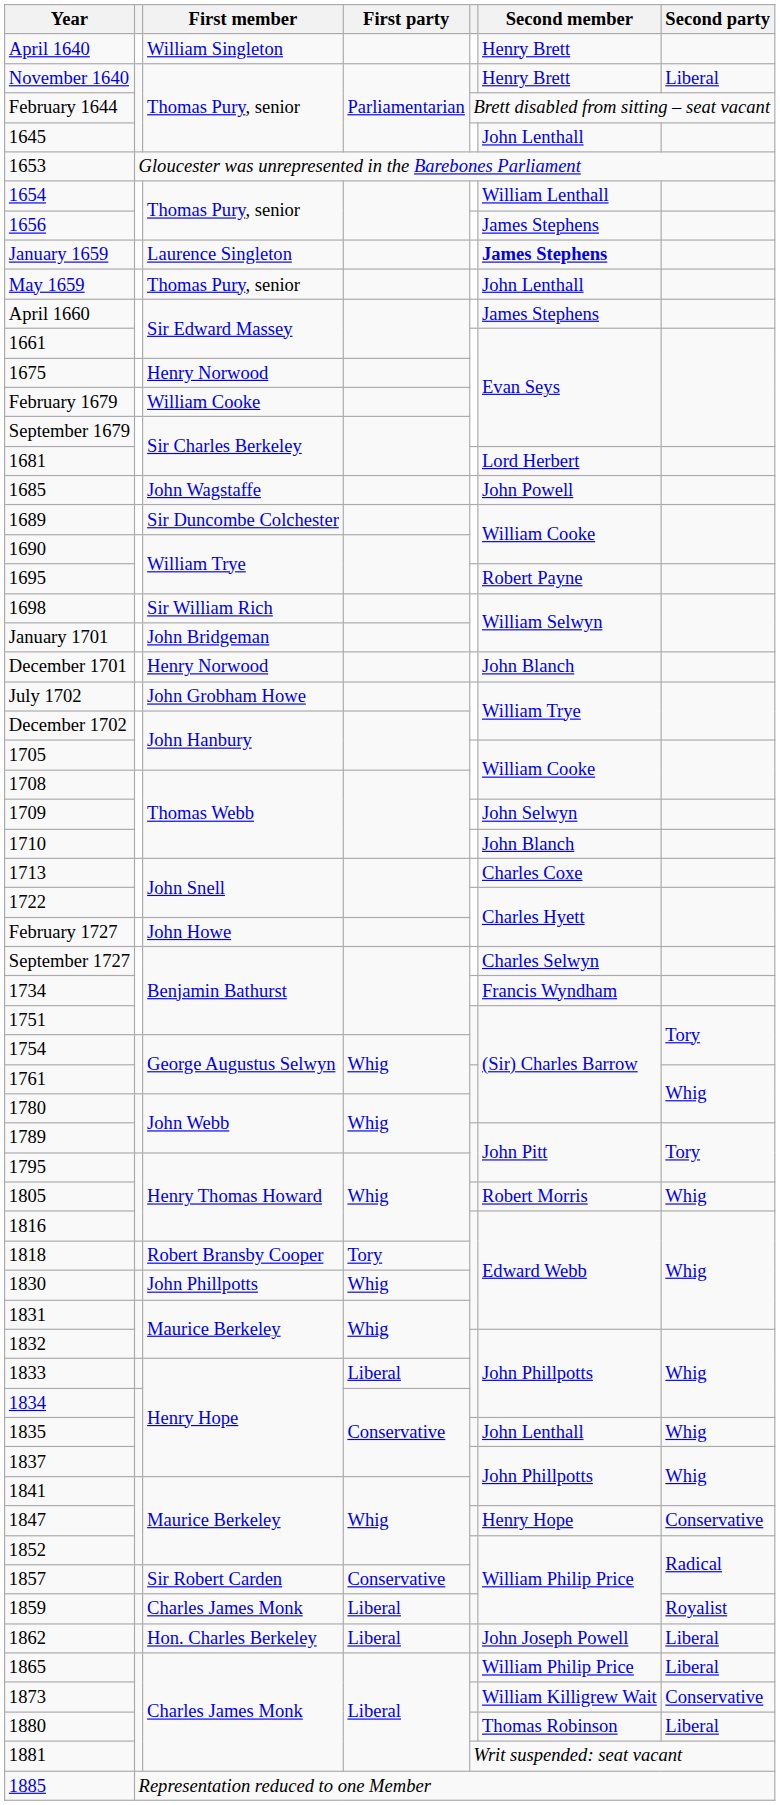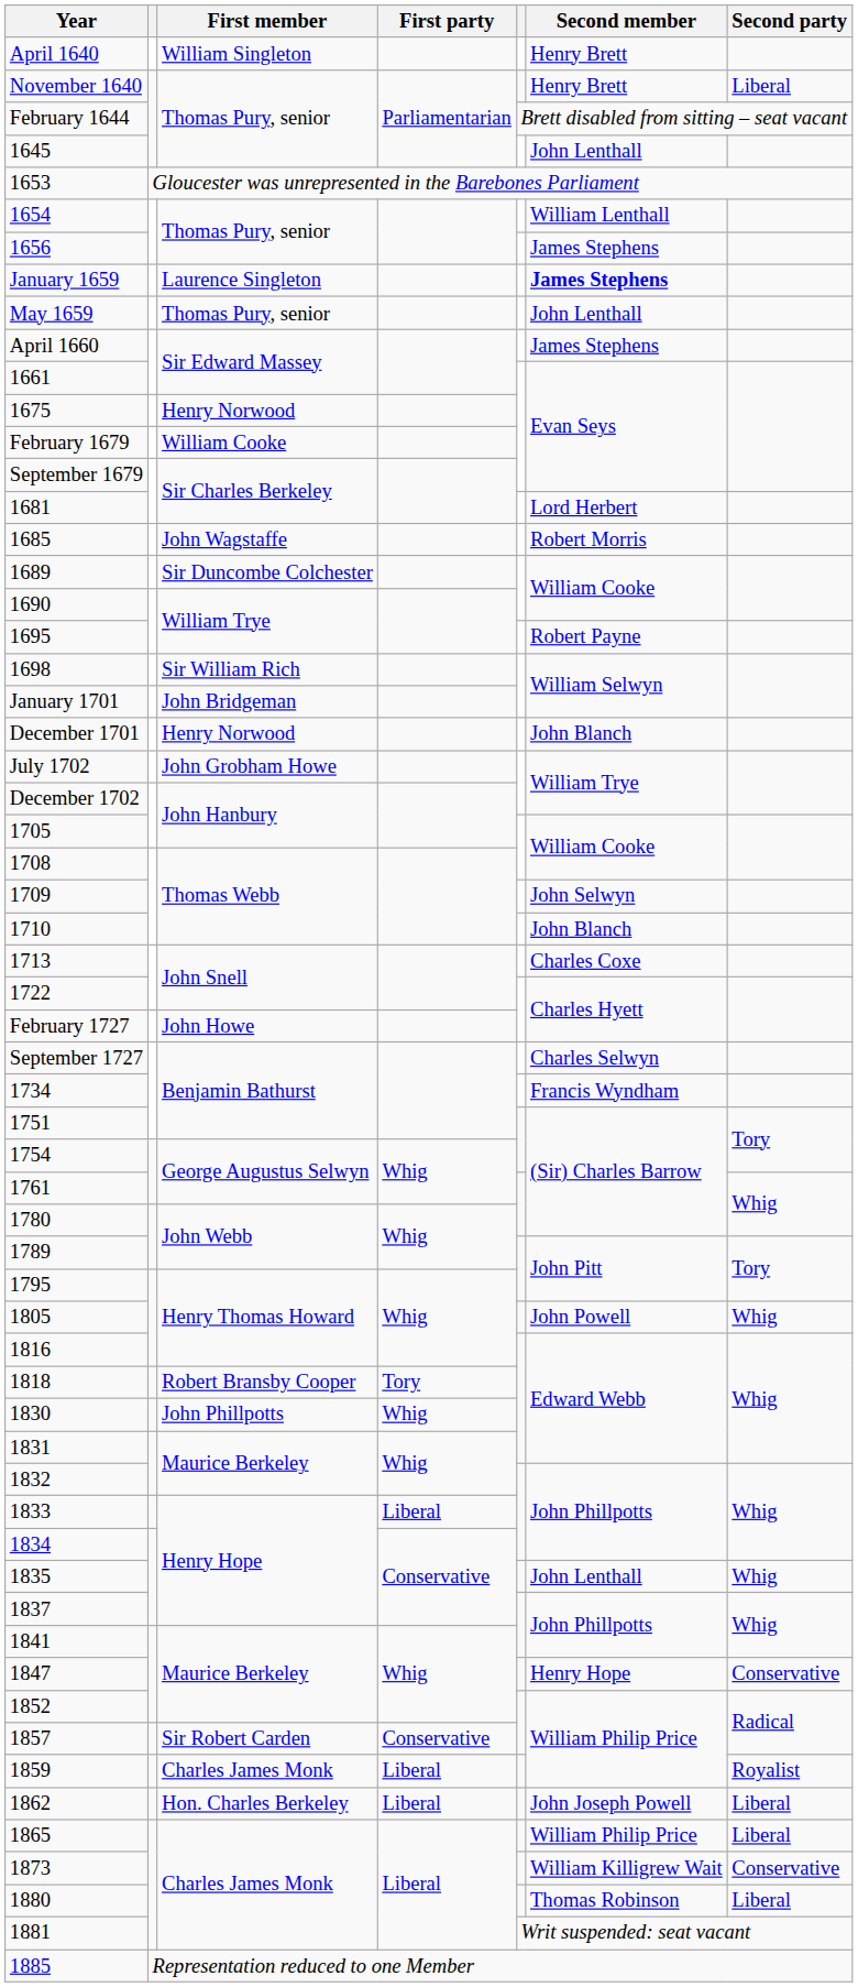 <table class="wikitable">
 <tr>
 <th>Year</th>
 <th></th>
 <th>First member</th>
 <th>First party</th>
 <th></th>
 <th>Second member</th>
 <th>Second party</th>
 </tr>
 <tr>
 <td><a href='#'>April 1640</a></td>
 <td style="color:inherit;background-color: white"></td>
 <td><a href='#'>William Singleton</a></td>
 <td></td>
 <td style="color:inherit;background-color: white"></td>
 <td><a href='#'>Henry Brett</a></td>
 <td></td>
 </tr>
 <tr>
 <td><a href='#'>November 1640</a></td>
 <td rowspan="3" style="color:inherit;background-color: "></td>
 <td rowspan="3"><a href='#'>Thomas Pury</a>, senior</td>
 <td rowspan="3"><a href='#'>Parliamentarian</a></td>
 <td style="color:inherit;background-color: "></td>
 <td><a href='#'>Henry Brett</a></td>
 <td><a href='#'>Liberal</a></td>
 </tr>
 <tr>
 <td>February 1644</td>
 <td colspan="3"><em>Brett disabled from sitting – seat vacant</em></td>
 </tr>
 <tr>
 <td>1645</td>
 <td style="color:inherit;background-color: white"></td>
 <td><a href='#'>John Lenthall</a></td>
 <td></td>
 </tr>
 <tr>
 <td>1653</td>
 <td colspan="6"><em>Gloucester was unrepresented in the <a href='#'>Barebones Parliament</a></em></td>
 </tr>
 <tr>
 <td><a href='#'>1654</a></td>
 <td rowspan="2" style="color:inherit;background-color: white"></td>
 <td rowspan="2"><a href='#'>Thomas Pury</a>, senior</td>
 <td rowspan="2"></td>
 <td style="color:inherit;background-color: white"></td>
 <td><a href='#'>William Lenthall</a></td>
 <td></td>
 </tr>
 <tr>
 <td><a href='#'>1656</a></td>
 <td style="color:inherit;background-color: white"></td>
 <td><a href='#'>James Stephens</a></td>
 <td></td>
 </tr>
 <tr>
 <td><a href='#'>January 1659</a></td>
 <td style="color:inherit;background-color: white"></td>
 <td><a href='#'>Laurence Singleton</a></td>
 <td></td>
 <td style="color:inherit;background-color: white"></td>
 <td><strong><a href='#'>James Stephens</a></strong></td>
 <td></td>
 </tr>
 <tr>
 <td><a href='#'>May 1659</a></td>
 <td style="color:inherit;background-color: white"></td>
 <td><a href='#'>Thomas Pury</a>, senior</td>
 <td></td>
 <td style="color:inherit;background-color: white"></td>
 <td><a href='#'>John Lenthall</a></td>
 <td></td>
 </tr>
 <tr>
 <td>April 1660</td>
 <td rowspan="2" style="color:inherit;background-color: white"></td>
 <td rowspan="2"><a href='#'>Sir Edward Massey</a></td>
 <td rowspan="2"></td>
 <td style="color:inherit;background-color: white"></td>
 <td><a href='#'>James Stephens</a></td>
 <td></td>
 </tr>
 <tr>
 <td>1661</td>
 <td rowspan="4" style="color:inherit;background-color: white"></td>
 <td rowspan="4"><a href='#'>Evan Seys</a></td>
 <td rowspan="4"></td>
 </tr>
 <tr>
 <td>1675</td>
 <td style="color:inherit;background-color: white"></td>
 <td><a href='#'>Henry Norwood</a></td>
 <td></td>
 </tr>
 <tr>
 <td>February 1679</td>
 <td style="color:inherit;background-color: white"></td>
 <td><a href='#'>William Cooke</a></td>
 <td></td>
 </tr>
 <tr>
 <td>September 1679</td>
 <td rowspan="2" style="color:inherit;background-color: white"></td>
 <td rowspan="2"><a href='#'>Sir Charles Berkeley</a></td>
 <td rowspan="2"></td>
 </tr>
 <tr>
 <td>1681</td>
 <td style="color:inherit;background-color: white"></td>
 <td><a href='#'>Lord Herbert</a></td>
 <td></td>
 </tr>
 <tr>
 <td>1685</td>
 <td style="color:inherit;background-color: white"></td>
 <td><a href='#'>John Wagstaffe</a></td>
 <td></td>
 <td style="color:inherit;background-color: white"></td>
-<td><a href='#'>John Powell</a></td>
+<td><a href='#'>Robert Morris</a></td>
 <td></td>
 </tr>
 <tr>
 <td>1689</td>
 <td style="color:inherit;background-color: white"></td>
 <td><a href='#'>Sir Duncombe Colchester</a></td>
 <td></td>
 <td rowspan="2" style="color:inherit;background-color: white"></td>
 <td rowspan="2"><a href='#'>William Cooke</a></td>
 <td rowspan="2"></td>
 </tr>
 <tr>
 <td>1690</td>
 <td rowspan="2" style="color:inherit;background-color: white"></td>
 <td rowspan="2"><a href='#'>William Trye</a></td>
 <td rowspan="2"></td>
 </tr>
 <tr>
 <td>1695</td>
 <td style="color:inherit;background-color: white"></td>
 <td><a href='#'>Robert Payne</a></td>
 <td></td>
 </tr>
 <tr>
 <td>1698</td>
 <td style="color:inherit;background-color: white"></td>
 <td><a href='#'>Sir William Rich</a></td>
 <td></td>
 <td rowspan="2" style="color:inherit;background-color: white"></td>
 <td rowspan="2"><a href='#'>William Selwyn</a></td>
 <td rowspan="2"></td>
 </tr>
 <tr>
 <td>January 1701</td>
 <td style="color:inherit;background-color: white"></td>
 <td><a href='#'>John Bridgeman</a></td>
 <td></td>
 </tr>
 <tr>
 <td>December 1701</td>
 <td style="color:inherit;background-color: white"></td>
 <td><a href='#'>Henry Norwood</a></td>
 <td></td>
 <td style="color:inherit;background-color: white"></td>
 <td><a href='#'>John Blanch</a></td>
 <td></td>
 </tr>
 <tr>
 <td>July 1702</td>
 <td style="color:inherit;background-color: white"></td>
 <td><a href='#'>John Grobham Howe</a></td>
 <td></td>
 <td rowspan="2" style="color:inherit;background-color: white"></td>
 <td rowspan="2"><a href='#'>William Trye</a></td>
 <td rowspan="2"></td>
 </tr>
 <tr>
 <td>December 1702</td>
 <td rowspan="2" style="color:inherit;background-color: white"></td>
 <td rowspan="2"><a href='#'>John Hanbury</a></td>
 <td rowspan="2"></td>
 </tr>
 <tr>
 <td>1705</td>
 <td rowspan="2" style="color:inherit;background-color: white"></td>
 <td rowspan="2"><a href='#'>William Cooke</a></td>
 <td rowspan="2"></td>
 </tr>
 <tr>
 <td>1708</td>
 <td rowspan="3" style="color:inherit;background-color: white"></td>
 <td rowspan="3"><a href='#'>Thomas Webb</a></td>
 <td rowspan="3"></td>
 </tr>
 <tr>
 <td>1709</td>
 <td style="color:inherit;background-color: white"></td>
 <td><a href='#'>John Selwyn</a></td>
 <td></td>
 </tr>
 <tr>
 <td>1710</td>
 <td style="color:inherit;background-color: white"></td>
 <td><a href='#'>John Blanch</a></td>
 <td></td>
 </tr>
 <tr>
 <td>1713</td>
 <td rowspan="2" style="color:inherit;background-color: white"></td>
 <td rowspan="2"><a href='#'>John Snell</a></td>
 <td rowspan="2"></td>
 <td style="color:inherit;background-color: white"></td>
 <td><a href='#'>Charles Coxe</a></td>
 <td></td>
 </tr>
 <tr>
 <td>1722</td>
 <td rowspan="2" style="color:inherit;background-color: white"></td>
 <td rowspan="2"><a href='#'>Charles Hyett</a></td>
 <td rowspan="2"></td>
 </tr>
 <tr>
 <td>February 1727</td>
 <td style="color:inherit;background-color: white"></td>
 <td><a href='#'>John Howe</a></td>
 <td></td>
 </tr>
 <tr>
 <td>September 1727</td>
 <td rowspan="3" style="color:inherit;background-color: white"></td>
 <td rowspan="3"><a href='#'>Benjamin Bathurst</a></td>
 <td rowspan="3"></td>
 <td style="color:inherit;background-color: white"></td>
 <td><a href='#'>Charles Selwyn</a></td>
 <td></td>
 </tr>
 <tr>
 <td>1734</td>
 <td style="color:inherit;background-color: white"></td>
 <td><a href='#'>Francis Wyndham</a></td>
 <td></td>
 </tr>
 <tr>
 <td>1751</td>
 <td rowspan="2" style="color:inherit;background-color: "></td>
 <td rowspan="4"><a href='#'>(Sir) Charles Barrow</a></td>
 <td rowspan="2"><a href='#'>Tory</a></td>
 </tr>
 <tr>
 <td>1754</td>
 <td rowspan="2" style="color:inherit;background-color: "></td>
 <td rowspan="2"><a href='#'>George Augustus Selwyn</a></td>
 <td rowspan="2"><a href='#'>Whig</a></td>
 </tr>
 <tr>
 <td>1761</td>
 <td rowspan="2" style="color:inherit;background-color: "></td>
 <td rowspan="2"><a href='#'>Whig</a></td>
 </tr>
 <tr>
 <td>1780</td>
 <td rowspan="2" style="color:inherit;background-color: "></td>
 <td rowspan="2"><a href='#'>John Webb</a></td>
 <td rowspan="2"><a href='#'>Whig</a></td>
 </tr>
 <tr>
 <td>1789</td>
 <td rowspan="2" style="color:inherit;background-color: "></td>
 <td rowspan="2"><a href='#'>John Pitt</a></td>
 <td rowspan="2"><a href='#'>Tory</a></td>
 </tr>
 <tr>
 <td>1795</td>
 <td rowspan="3" style="color:inherit;background-color: "></td>
 <td rowspan="3"><a href='#'>Henry Thomas Howard</a></td>
 <td rowspan="3"><a href='#'>Whig</a></td>
 </tr>
 <tr>
 <td>1805</td>
 <td style="color:inherit;background-color: "></td>
-<td><a href='#'>Robert Morris</a></td>
+<td><a href='#'>John Powell</a></td>
 <td><a href='#'>Whig</a></td>
 </tr>
 <tr>
 <td>1816</td>
 <td rowspan="4" style="color:inherit;background-color: "></td>
 <td rowspan="4"><a href='#'>Edward Webb</a></td>
 <td rowspan="4"><a href='#'>Whig</a></td>
 </tr>
 <tr>
 <td>1818</td>
 <td style="color:inherit;background-color: "></td>
 <td><a href='#'>Robert Bransby Cooper</a></td>
 <td><a href='#'>Tory</a></td>
 </tr>
 <tr>
 <td>1830</td>
 <td style="color:inherit;background-color: "></td>
 <td><a href='#'>John Phillpotts</a></td>
 <td><a href='#'>Whig</a></td>
 </tr>
 <tr>
 <td>1831</td>
 <td rowspan="2" style="color:inherit;background-color: "></td>
 <td rowspan="2"><a href='#'>Maurice Berkeley</a></td>
 <td rowspan="2"><a href='#'>Whig</a></td>
 </tr>
 <tr>
 <td>1832</td>
 <td rowspan="3" style="color:inherit;background-color: "></td>
 <td rowspan="3"><a href='#'>John Phillpotts</a></td>
 <td rowspan="3"><a href='#'>Whig</a></td>
 </tr>
 <tr>
 <td>1833</td>
 <td style="color:inherit;background-color: "></td>
 <td rowspan="4"><a href='#'>Henry Hope</a></td>
 <td><a href='#'>Liberal</a></td>
 </tr>
 <tr>
 <td><a href='#'>1834</a></td>
 <td rowspan="3" style="color:inherit;background-color: "></td>
 <td rowspan="3"><a href='#'>Conservative</a></td>
 </tr>
 <tr>
 <td>1835</td>
 <td style="color:inherit;background-color: "></td>
 <td><a href='#'>John Lenthall</a></td>
 <td><a href='#'>Whig</a></td>
 </tr>
 <tr>
 <td>1837</td>
 <td rowspan="2" style="color:inherit;background-color: "></td>
 <td rowspan="2"><a href='#'>John Phillpotts</a></td>
 <td rowspan="2"><a href='#'>Whig</a></td>
 </tr>
 <tr>
 <td>1841</td>
 <td rowspan="3" style="color:inherit;background-color: "></td>
 <td rowspan="3"><a href='#'>Maurice Berkeley</a></td>
 <td rowspan="3"><a href='#'>Whig</a></td>
 </tr>
 <tr>
 <td>1847</td>
 <td style="color:inherit;background-color: "></td>
 <td><a href='#'>Henry Hope</a></td>
 <td><a href='#'>Conservative</a></td>
 </tr>
 <tr>
 <td>1852</td>
 <td rowspan="2" style="color:inherit;background-color: "></td>
 <td rowspan="3"><a href='#'>William Philip Price</a></td>
 <td rowspan="2"><a href='#'>Radical</a></td>
 </tr>
 <tr>
 <td>1857</td>
 <td style="color:inherit;background-color: "></td>
 <td><a href='#'>Sir Robert Carden</a></td>
 <td><a href='#'>Conservative</a></td>
 </tr>
 <tr>
 <td>1859</td>
 <td style="color:inherit;background-color: "></td>
 <td><a href='#'>Charles James Monk</a></td>
 <td><a href='#'>Liberal</a></td>
 <td style="color:inherit;background-color: "></td>
 <td><a href='#'>Royalist</a></td>
 </tr>
 <tr>
 <td>1862</td>
 <td style="color:inherit;background-color: "></td>
 <td><a href='#'>Hon. Charles Berkeley</a></td>
 <td><a href='#'>Liberal</a></td>
 <td style="color:inherit;background-color: "></td>
 <td><a href='#'>John Joseph Powell</a></td>
 <td><a href='#'>Liberal</a></td>
 </tr>
 <tr>
 <td>1865</td>
 <td rowspan="4" style="color:inherit;background-color: "></td>
 <td rowspan="4"><a href='#'>Charles James Monk</a></td>
 <td rowspan="4"><a href='#'>Liberal</a></td>
 <td style="color:inherit;background-color: "></td>
 <td><a href='#'>William Philip Price</a></td>
 <td><a href='#'>Liberal</a></td>
 </tr>
 <tr>
 <td>1873</td>
 <td style="color:inherit;background-color: "></td>
 <td><a href='#'>William Killigrew Wait</a></td>
 <td><a href='#'>Conservative</a></td>
 </tr>
 <tr>
 <td>1880</td>
 <td style="color:inherit;background-color: "></td>
 <td><a href='#'>Thomas Robinson</a></td>
 <td><a href='#'>Liberal</a></td>
 </tr>
 <tr>
 <td>1881</td>
 <td colspan="3"><em>Writ suspended: seat vacant</em></td>
 </tr>
 <tr>
 <td><a href='#'>1885</a></td>
 <td colspan="6"><em>Representation reduced to one Member</em></td>
 </tr>
 </table>
